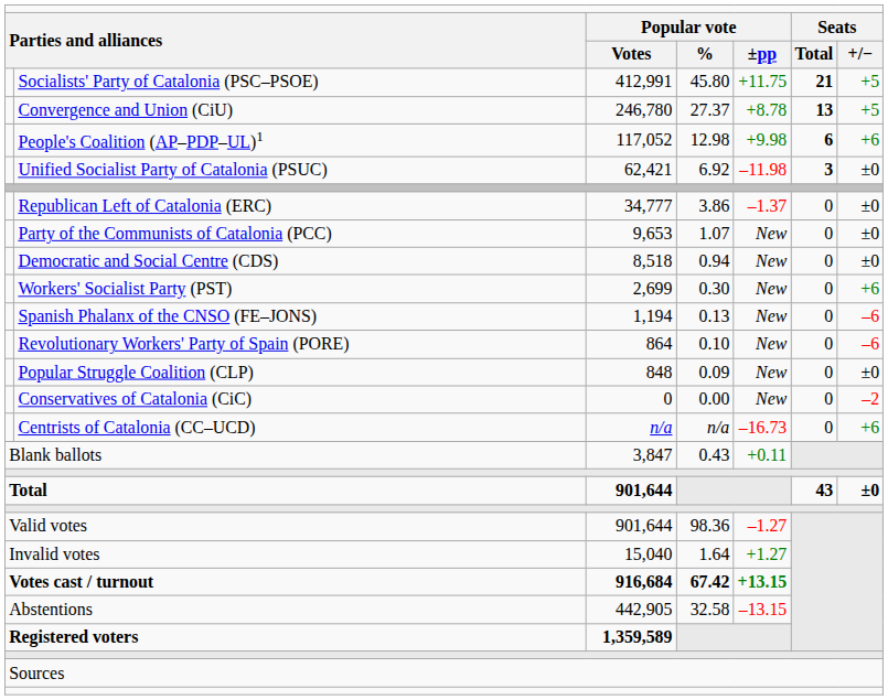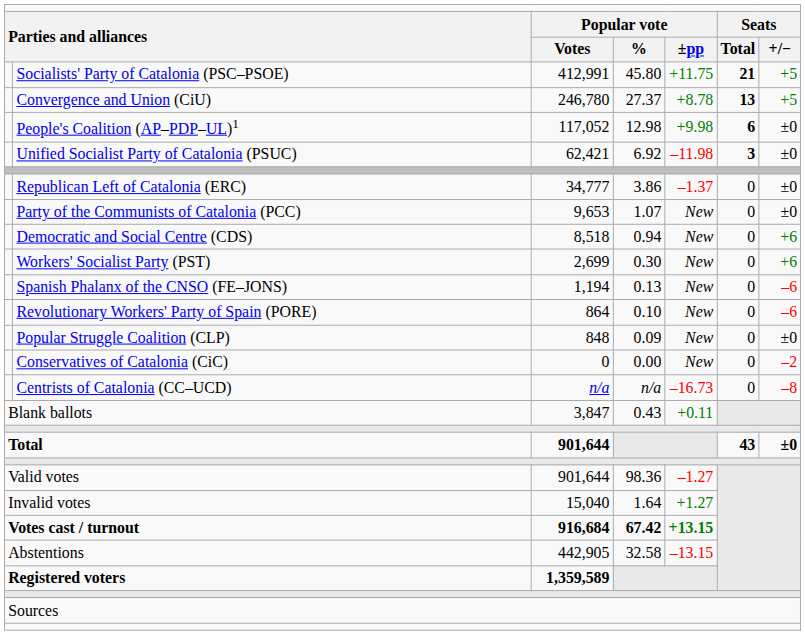 <table class="wikitable" style="text-align:right;">
 <tr>
 <td colspan="7"></td>
 </tr>
 <tr>
 <th style="text-align:left;" rowspan="2" colspan="2" width="525">Parties and alliances</th>
 <th colspan="3">Popular vote</th>
 <th colspan="2">Seats</th>
 </tr>
 <tr>
 <th width="75">Votes</th>
 <th width="45">%</th>
 <th width="45">±<a href='#'>pp</a></th>
 <th width="35">Total</th>
 <th width="35">+/−</th>
 </tr>
 <tr>
 <td width="1" style="color:inherit;background:"></td>
 <td align="left"><a href='#'>Socialists' Party of Catalonia</a> (PSC–PSOE)</td>
 <td>412,991</td>
 <td>45.80</td>
 <td style="color:green;">+11.75</td>
 <td><strong>21</strong></td>
 <td style="color:green;">+5</td>
 </tr>
 <tr>
 <td style="color:inherit;background:"></td>
 <td align="left"><a href='#'>Convergence and Union</a> (CiU)</td>
 <td>246,780</td>
 <td>27.37</td>
 <td style="color:green;">+8.78</td>
 <td><strong>13</strong></td>
 <td style="color:green;">+5</td>
 </tr>
 <tr>
 <td style="color:inherit;background:"></td>
 <td align="left"><a href='#'>People's Coalition</a> (<a href='#'>AP</a>–<a href='#'>PDP</a>–<a href='#'>UL</a>)<sup>1</sup></td>
 <td>117,052</td>
 <td>12.98</td>
 <td style="color:green;">+9.98</td>
 <td><strong>6</strong></td>
-<td style="color:green;">+6</td>
+<td>±0</td>
 </tr>
 <tr>
 <td style="color:inherit;background:"></td>
 <td align="left"><a href='#'>Unified Socialist Party of Catalonia</a> (PSUC)</td>
 <td>62,421</td>
 <td>6.92</td>
 <td style="color:red;">–11.98</td>
 <td><strong>3</strong></td>
 <td>±0</td>
 </tr>
 <tr>
 <td colspan="7" bgcolor="#C0C0C0"></td>
 </tr>
 <tr>
 <td style="color:inherit;background:"></td>
 <td align="left"><a href='#'>Republican Left of Catalonia</a> (ERC)</td>
 <td>34,777</td>
 <td>3.86</td>
 <td style="color:red;">–1.37</td>
 <td>0</td>
 <td>±0</td>
 </tr>
 <tr>
 <td style="color:inherit;background:"></td>
 <td align="left"><a href='#'>Party of the Communists of Catalonia</a> (PCC)</td>
 <td>9,653</td>
 <td>1.07</td>
 <td><em>New</em></td>
 <td>0</td>
 <td>±0</td>
 </tr>
 <tr>
 <td style="color:inherit;background:"></td>
 <td align="left"><a href='#'>Democratic and Social Centre</a> (CDS)</td>
 <td>8,518</td>
 <td>0.94</td>
 <td><em>New</em></td>
 <td>0</td>
-<td>±0</td>
+<td style="color:green;">+6</td>
 </tr>
 <tr>
 <td style="color:inherit;background:"></td>
 <td align="left"><a href='#'>Workers' Socialist Party</a> (PST)</td>
 <td>2,699</td>
 <td>0.30</td>
 <td><em>New</em></td>
 <td>0</td>
 <td style="color:green;">+6</td>
 </tr>
 <tr>
 <td style="color:inherit;background:"></td>
 <td align="left"><a href='#'>Spanish Phalanx of the CNSO</a> (FE–JONS)</td>
 <td>1,194</td>
 <td>0.13</td>
 <td><em>New</em></td>
 <td>0</td>
 <td style="color:red;">–6</td>
 </tr>
 <tr>
 <td style="color:inherit;background:"></td>
 <td align="left"><a href='#'>Revolutionary Workers' Party of Spain</a> (PORE)</td>
 <td>864</td>
 <td>0.10</td>
 <td><em>New</em></td>
 <td>0</td>
 <td style="color:red;">–6</td>
 </tr>
 <tr>
 <td style="color:inherit;background:"></td>
 <td align="left"><a href='#'>Popular Struggle Coalition</a> (CLP)</td>
 <td>848</td>
 <td>0.09</td>
 <td><em>New</em></td>
 <td>0</td>
 <td>±0</td>
 </tr>
 <tr>
 <td style="color:inherit;background:"></td>
 <td align="left"><a href='#'>Conservatives of Catalonia</a> (CiC)</td>
 <td>0</td>
 <td>0.00</td>
 <td><em>New</em></td>
 <td>0</td>
 <td style="color:red;">–2</td>
 </tr>
 <tr>
 <td style="color:inherit;background:"></td>
 <td align="left"><a href='#'>Centrists of Catalonia</a> (CC–UCD)</td>
 <td><em><a href='#'>n/a</a></em></td>
 <td><em>n/a</em></td>
 <td style="color:red;">–16.73</td>
 <td>0</td>
-<td style="color:green;">+6</td>
+<td style="color:red;">–8</td>
 </tr>
 <tr>
 <td align="left" colspan="2">Blank ballots</td>
 <td>3,847</td>
 <td>0.43</td>
 <td style="color:green;">+0.11</td>
 <td bgcolor="#E9E9E9" colspan="2"></td>
 </tr>
 <tr>
 <td colspan="7" bgcolor="#E9E9E9"></td>
 </tr>
 <tr style="font-weight:bold;">
 <td align="left" colspan="2">Total</td>
 <td>901,644</td>
 <td bgcolor="#E9E9E9" colspan="2"></td>
 <td>43</td>
 <td>±0</td>
 </tr>
 <tr>
 <td colspan="7" bgcolor="#E9E9E9"></td>
 </tr>
 <tr>
 <td align="left" colspan="2">Valid votes</td>
 <td>901,644</td>
 <td>98.36</td>
 <td style="color:red;">–1.27</td>
 <td bgcolor="#E9E9E9" colspan="2" rowspan="5"></td>
 </tr>
 <tr>
 <td align="left" colspan="2">Invalid votes</td>
 <td>15,040</td>
 <td>1.64</td>
 <td style="color:green;">+1.27</td>
 </tr>
 <tr style="font-weight:bold;">
 <td align="left" colspan="2">Votes cast / turnout</td>
 <td>916,684</td>
 <td>67.42</td>
 <td style="color:green;">+13.15</td>
 </tr>
 <tr>
 <td align="left" colspan="2">Abstentions</td>
 <td>442,905</td>
 <td>32.58</td>
 <td style="color:red;">–13.15</td>
 </tr>
 <tr style="font-weight:bold;">
 <td align="left" colspan="2">Registered voters</td>
 <td>1,359,589</td>
 <td bgcolor="#E9E9E9" colspan="2"></td>
 </tr>
 <tr>
 <td colspan="7" bgcolor="#E9E9E9"></td>
 </tr>
 <tr>
 <td align="left" colspan="7">Sources</td>
 </tr>
 <tr>
 <td colspan="7" style="text-align:left; max-width:790px;"></td>
 </tr>
 </table>
